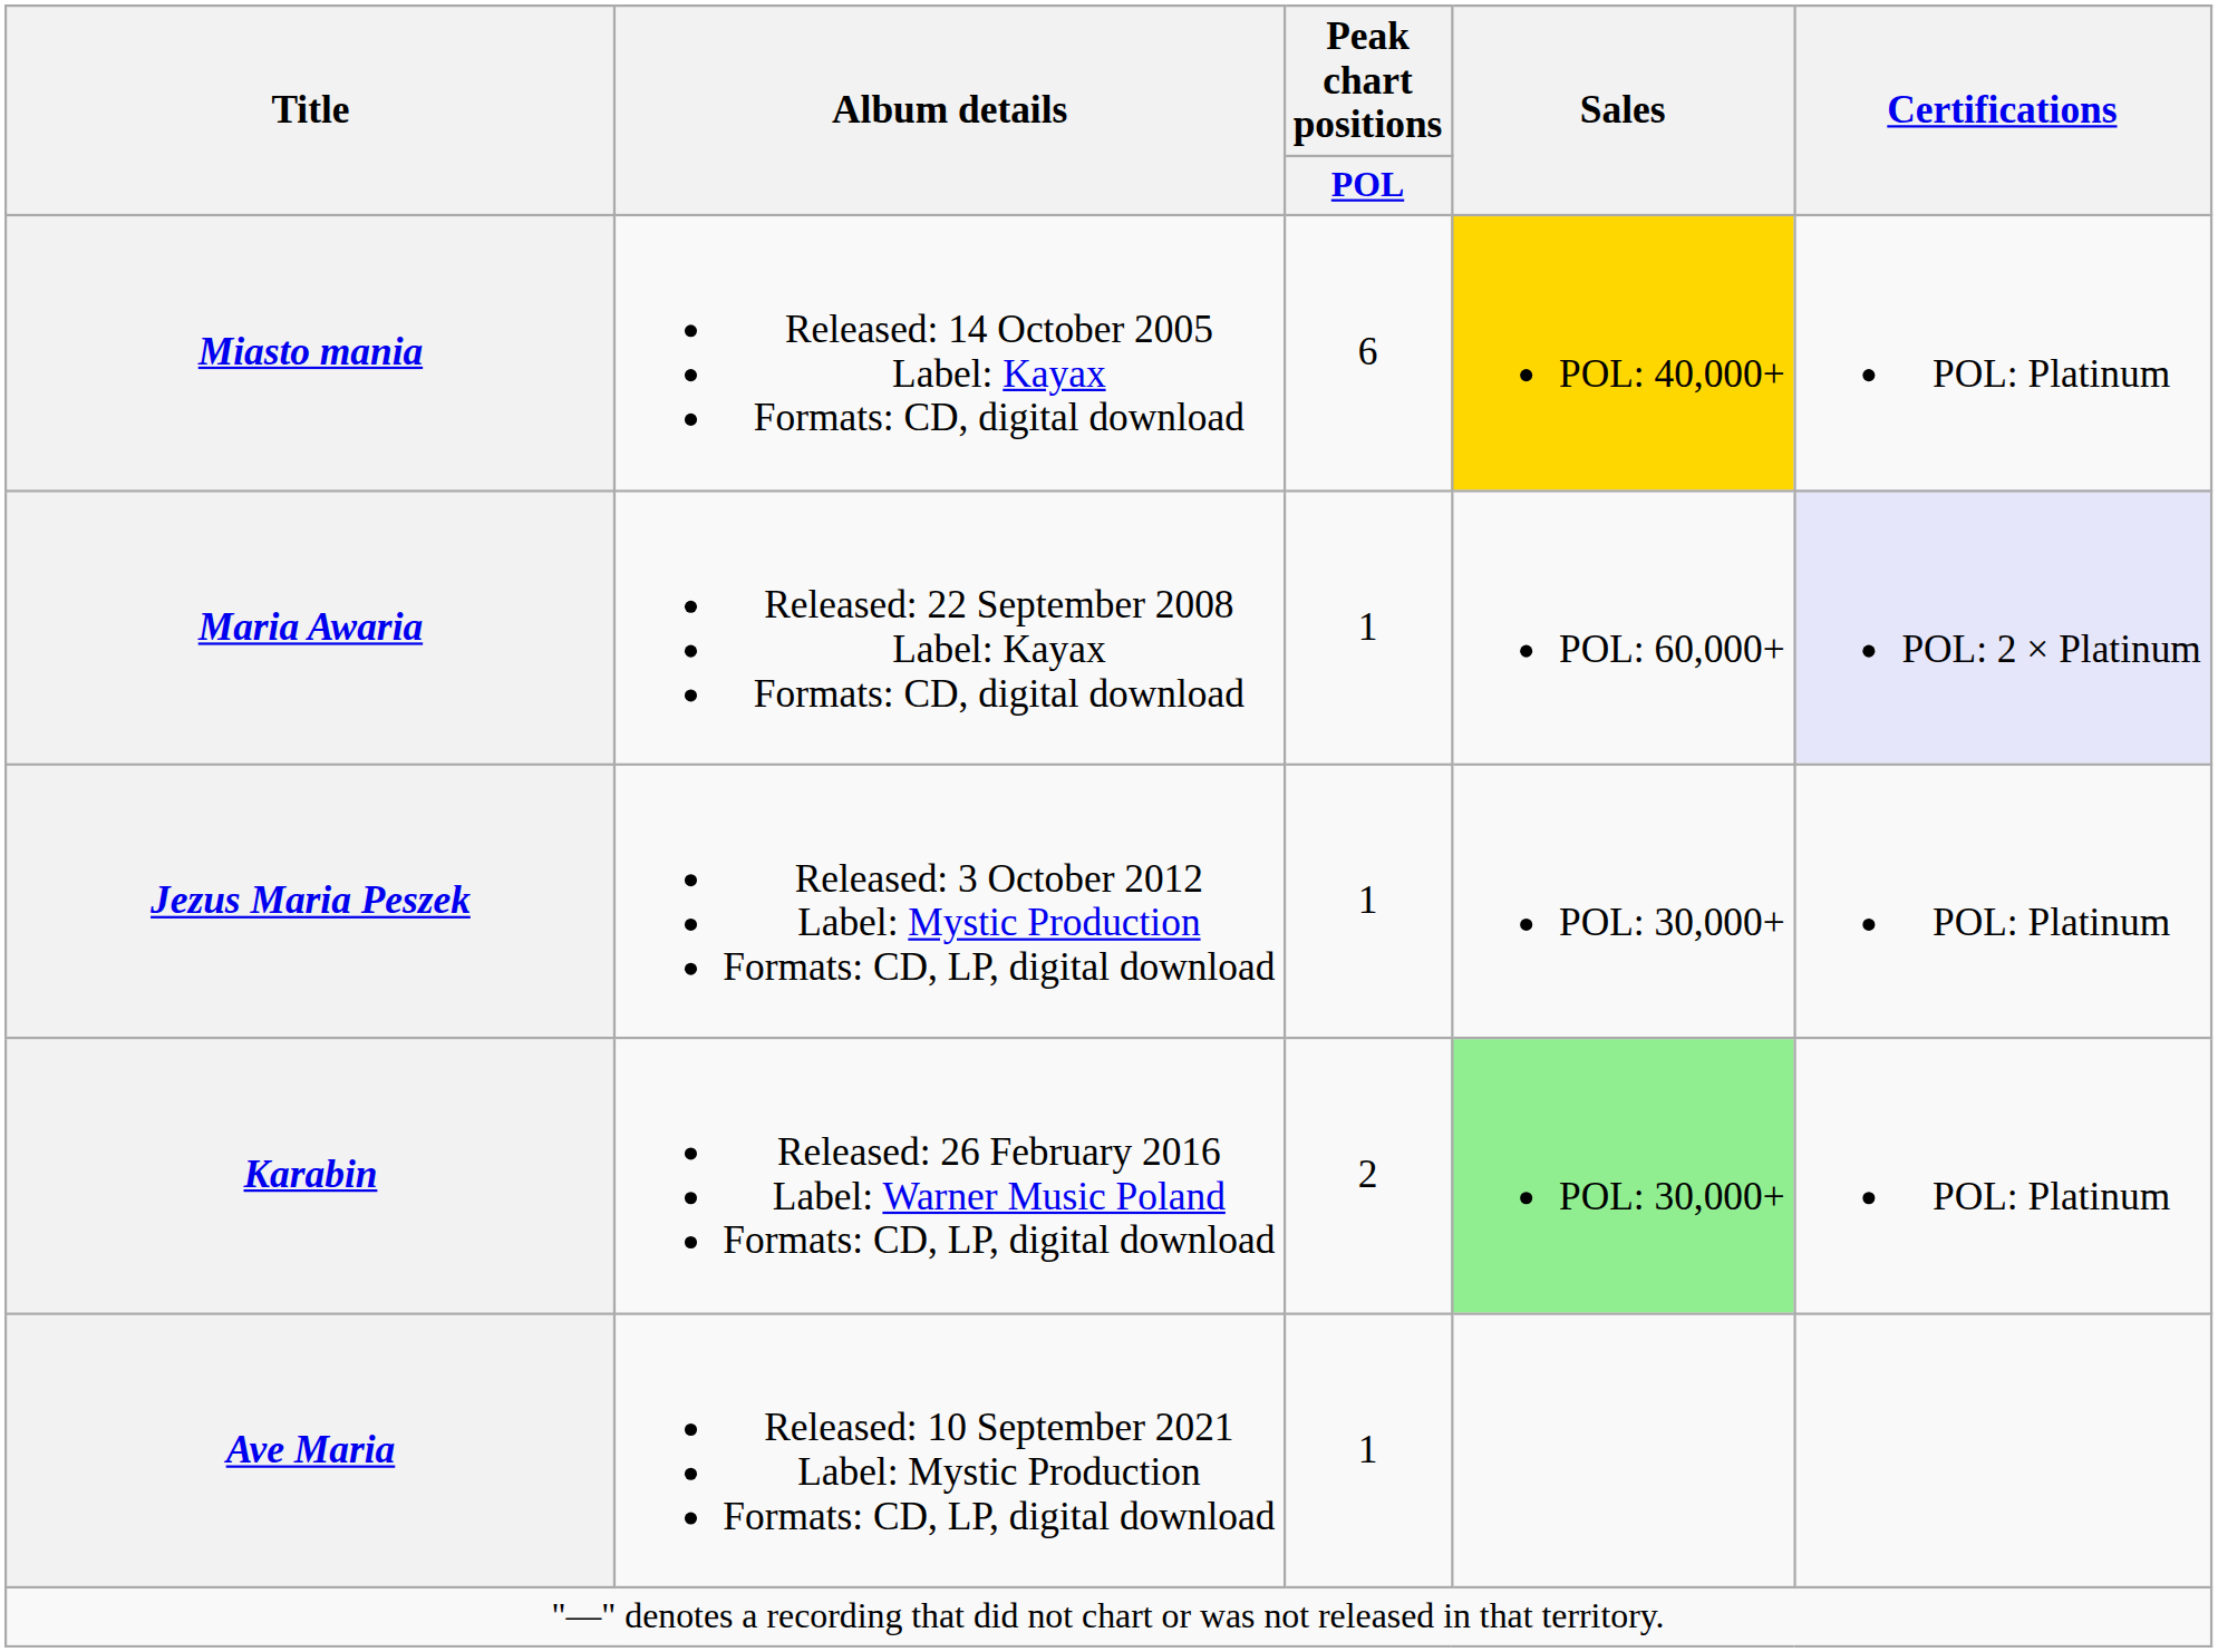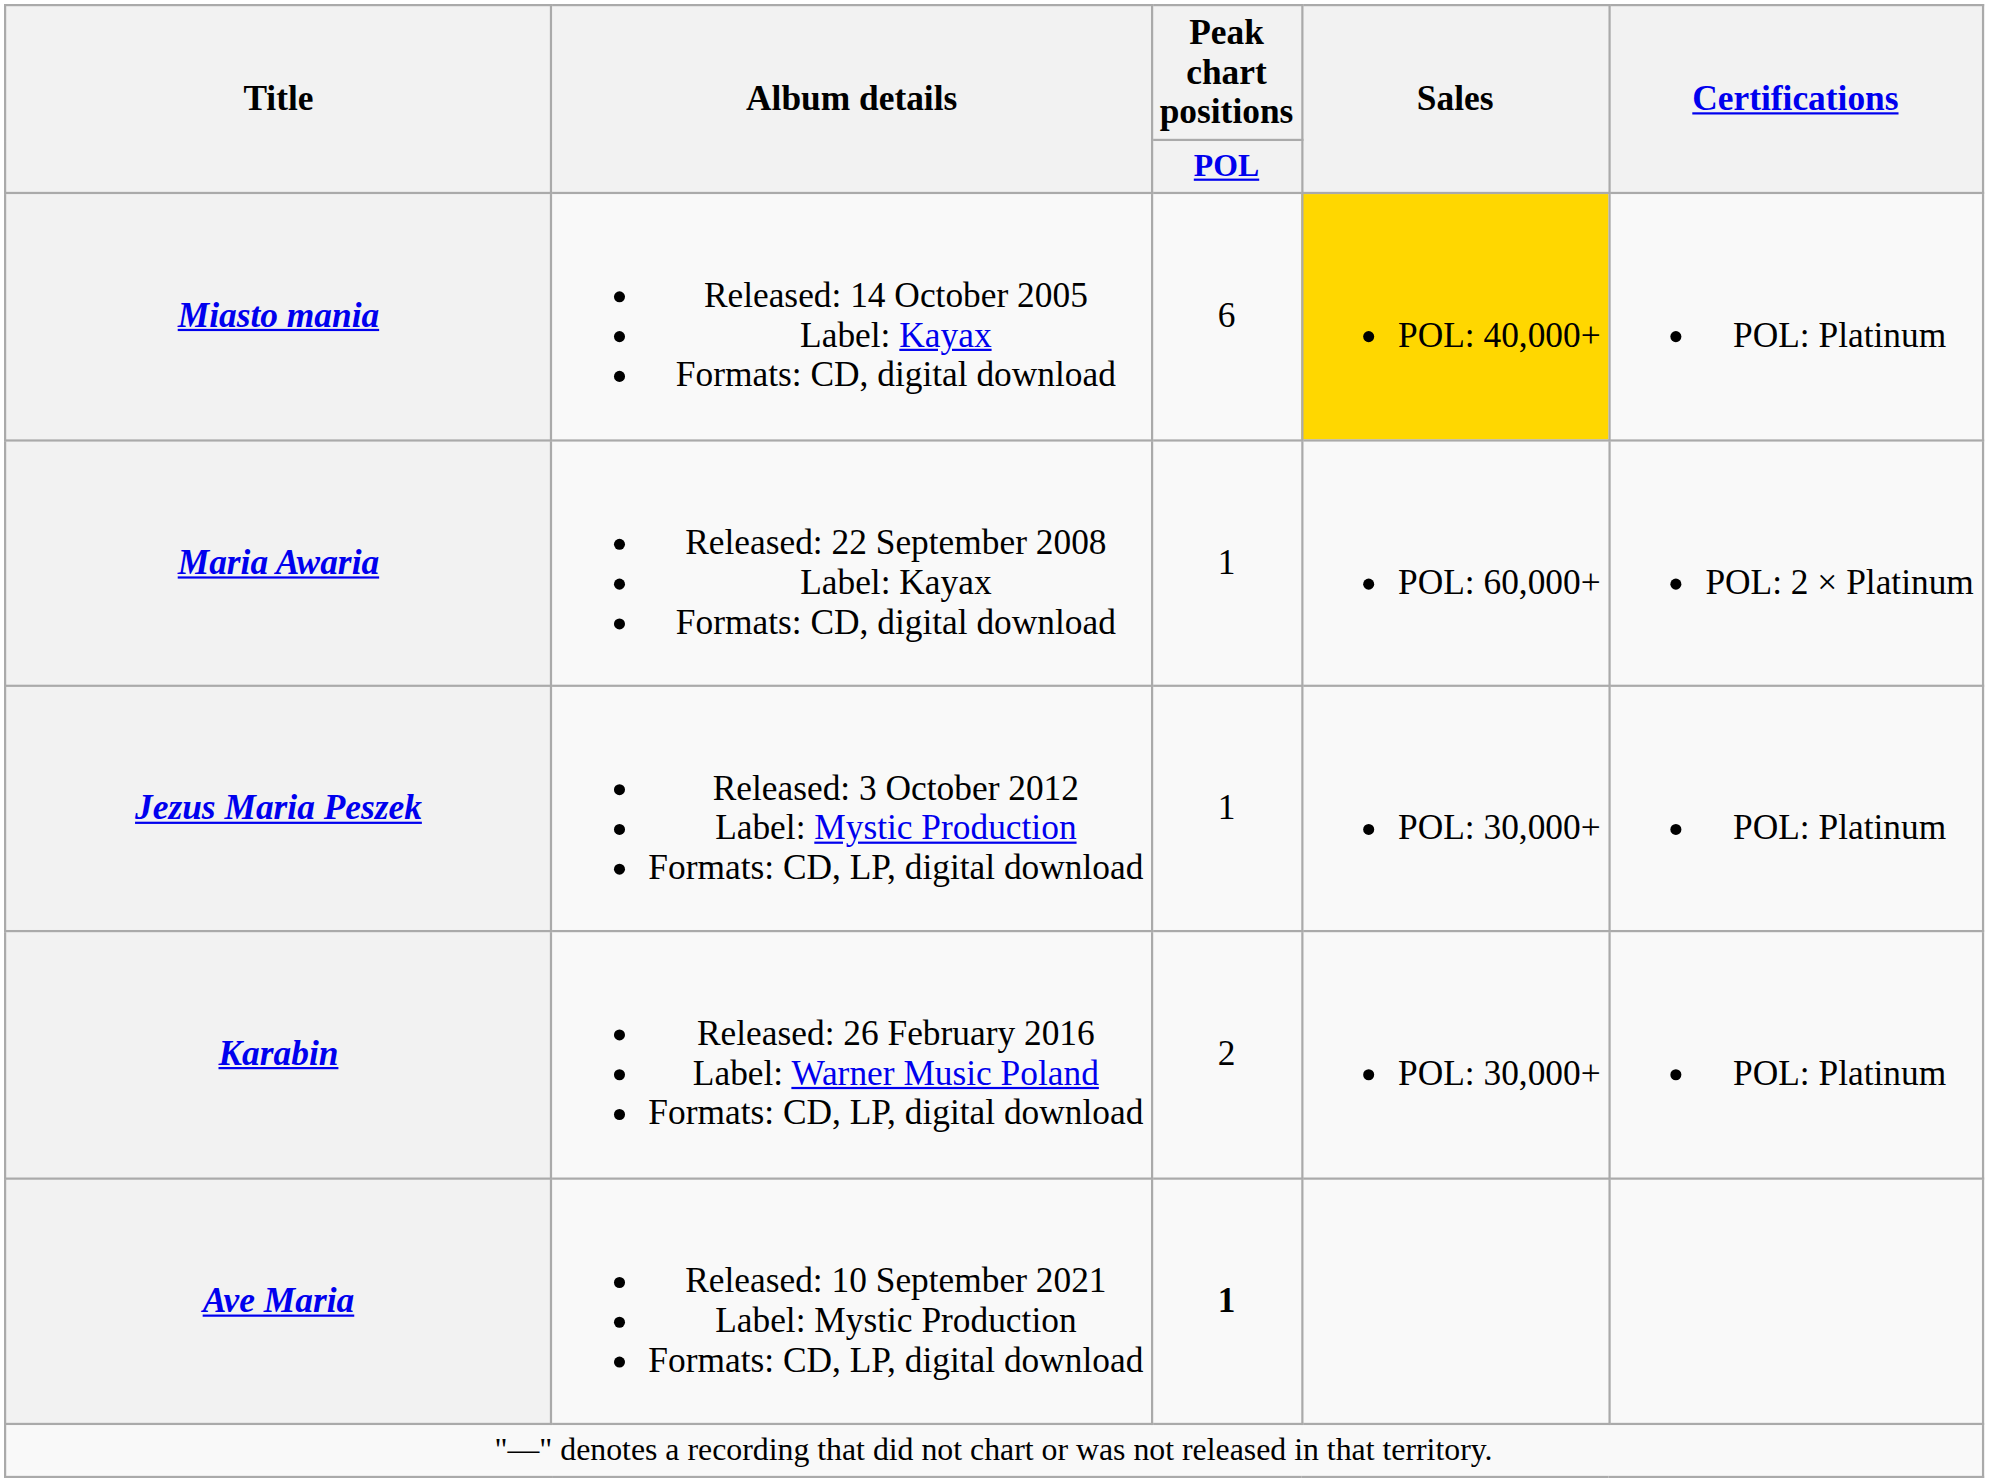 <table class="wikitable plainrowheaders" style="text-align:center;">
 <tr>
 <th scope="col" rowspan="2" style="width:15em;">Title</th>
 <th scope="col" rowspan="2">Album details</th>
 <th scope="col" colspan="1">Peak chart positions</th>
 <th scope="col" rowspan="2">Sales</th>
 <th scope="col" rowspan="2"><a href='#'>Certifications</a></th>
 </tr>
 <tr>
 <th scope="col" style="width:3em;font-size:90%;"><a href='#'>POL</a><br></th>
 </tr>
 <tr>
 <th scope="row"><em><a href='#'>Miasto mania</a></em></th>
 <td><br><ul><li>Released: 14 October 2005</li><li>Label: <a href='#'>Kayax</a></li><li>Formats: CD, digital download</li></ul></td>
 <td>6</td>
 <td style="background: gold;"><br><ul><li>POL: 40,000+</li></ul></td>
 <td><br><ul><li>POL: Platinum</li></ul></td>
 </tr>
 <tr>
 <th scope="row"><em><a href='#'>Maria Awaria</a></em></th>
 <td><br><ul><li>Released: 22 September 2008</li><li>Label: Kayax</li><li>Formats: CD, digital download</li></ul></td>
 <td>1</td>
 <td><br><ul><li>POL: 60,000+</li></ul></td>
-<td style="background: lavender;"><br><ul><li>POL: 2 × Platinum</li></ul></td>
+<td><br><ul><li>POL: 2 × Platinum</li></ul></td>
 </tr>
 <tr>
 <th scope="row"><em><a href='#'>Jezus Maria Peszek</a></em></th>
 <td><br><ul><li>Released: 3 October 2012</li><li>Label: <a href='#'>Mystic Production</a></li><li>Formats: CD, LP, digital download</li></ul></td>
 <td>1</td>
 <td><br><ul><li>POL: 30,000+</li></ul></td>
 <td><br><ul><li>POL: Platinum</li></ul></td>
 </tr>
 <tr>
 <th scope="row"><em><a href='#'>Karabin</a></em></th>
 <td><br><ul><li>Released: 26 February 2016</li><li>Label: <a href='#'>Warner Music Poland</a></li><li>Formats: CD, LP, digital download</li></ul></td>
 <td>2</td>
-<td style="background: lightgreen;"><br><ul><li>POL: 30,000+</li></ul></td>
+<td><br><ul><li>POL: 30,000+</li></ul></td>
 <td><br><ul><li>POL: Platinum</li></ul></td>
 </tr>
 <tr>
 <th scope="row"><em><a href='#'>Ave Maria</a></em></th>
 <td><br><ul><li>Released: 10 September 2021</li><li>Label: Mystic Production</li><li>Formats: CD, LP, digital download</li></ul></td>
-<td>1</td>
+<td><strong>1</strong></td>
 <td></td>
 <td></td>
 </tr>
 <tr>
 <td colspan="20" style="font-size:90%">"—" denotes a recording that did not chart or was not released in that territory.</td>
 </tr>
 </table>
